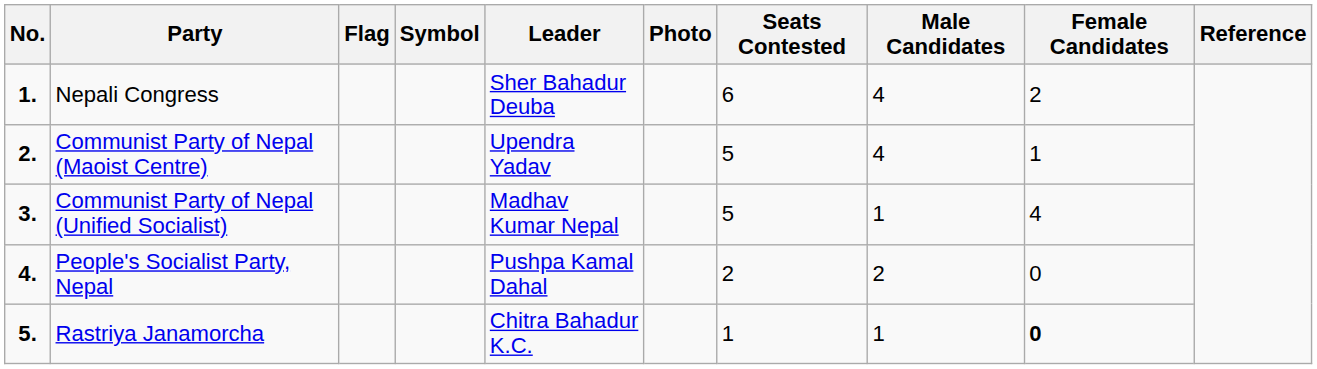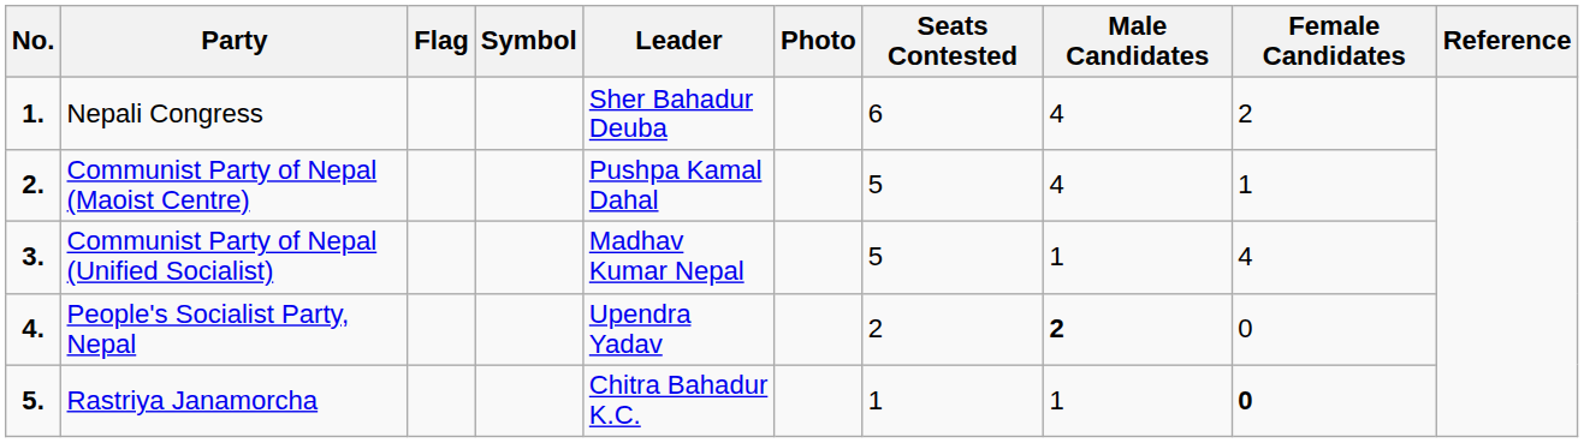 <table class="wikitable" width="75%">
 <tr>
 <th>No.</th>
 <th "style=max-width:60em">Party</th>
 <th>Flag</th>
 <th>Symbol</th>
 <th>Leader</th>
 <th>Photo</th>
 <th>Seats Contested</th>
 <th>Male Candidates</th>
 <th>Female Candidates</th>
 <th>Reference</th>
 </tr>
 <tr>
 <td style="text-align:center; background:"><strong>1.</strong></td>
 <td>Nepali Congress</td>
 <td></td>
 <td></td>
 <td><a href='#'>Sher Bahadur Deuba</a></td>
 <td></td>
 <td>6</td>
 <td>4</td>
 <td>2</td>
 <td rowspan="5"></td>
 </tr>
 <tr>
 <td style="text-align:center; background:"><strong>2.</strong></td>
 <td><a href='#'>Communist Party of Nepal (Maoist Centre)</a></td>
 <td></td>
 <td></td>
-<td><a href='#'>Upendra Yadav</a></td>
+<td><a href='#'>Pushpa Kamal Dahal</a></td>
 <td></td>
 <td>5</td>
 <td>4</td>
 <td>1</td>
 </tr>
 <tr>
 <td style="text-align:center; background:"><strong>3.</strong></td>
 <td><a href='#'>Communist Party of Nepal (Unified Socialist)</a></td>
 <td></td>
 <td></td>
 <td><a href='#'>Madhav Kumar Nepal</a></td>
 <td></td>
 <td>5</td>
 <td>1</td>
 <td>4</td>
 </tr>
 <tr>
 <td style="text-align:center; background:"><strong>4.</strong></td>
 <td><a href='#'>People's Socialist Party, Nepal</a></td>
 <td></td>
 <td></td>
-<td><a href='#'>Pushpa Kamal Dahal</a></td>
+<td><a href='#'>Upendra Yadav</a></td>
 <td></td>
 <td>2</td>
-<td>2</td>
+<td><strong>2</strong></td>
 <td>0</td>
 </tr>
 <tr>
 <td style="text-align:center; background:"><strong>5.</strong></td>
 <td><a href='#'>Rastriya Janamorcha</a></td>
 <td></td>
 <td></td>
 <td><a href='#'>Chitra Bahadur K.C.</a></td>
 <td></td>
 <td>1</td>
 <td>1</td>
 <td><strong>0</strong></td>
 </tr>
 </table>
